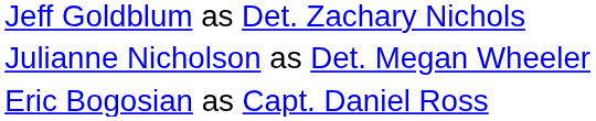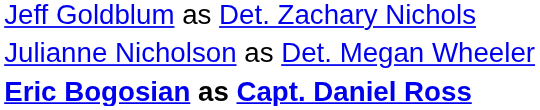 <table>
 <tr>
 <td><a href='#'>Jeff Goldblum</a> as <a href='#'>Det. Zachary Nichols</a></td>
 </tr>
 <tr>
 <td><a href='#'>Julianne Nicholson</a> as <a href='#'>Det. Megan Wheeler</a></td>
 </tr>
 <tr>
-<td><a href='#'>Eric Bogosian</a> as <a href='#'>Capt. Daniel Ross</a></td>
+<td><strong><a href='#'>Eric Bogosian</a> as <a href='#'>Capt. Daniel Ross</a></strong></td>
 </tr>
 <tr>
 </tr>
 </table>
